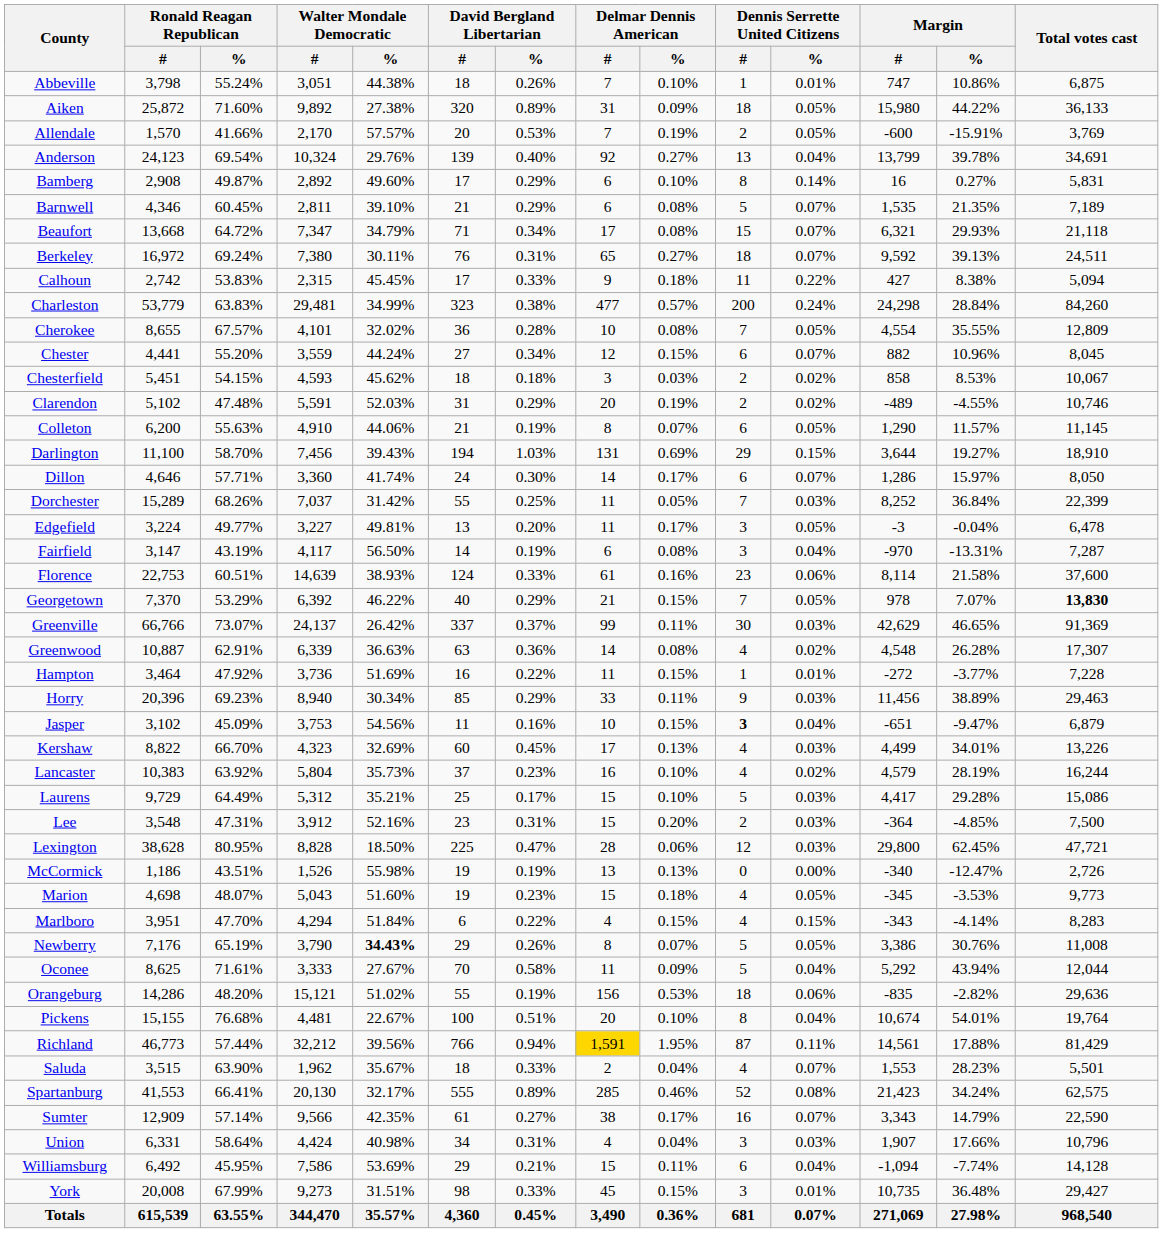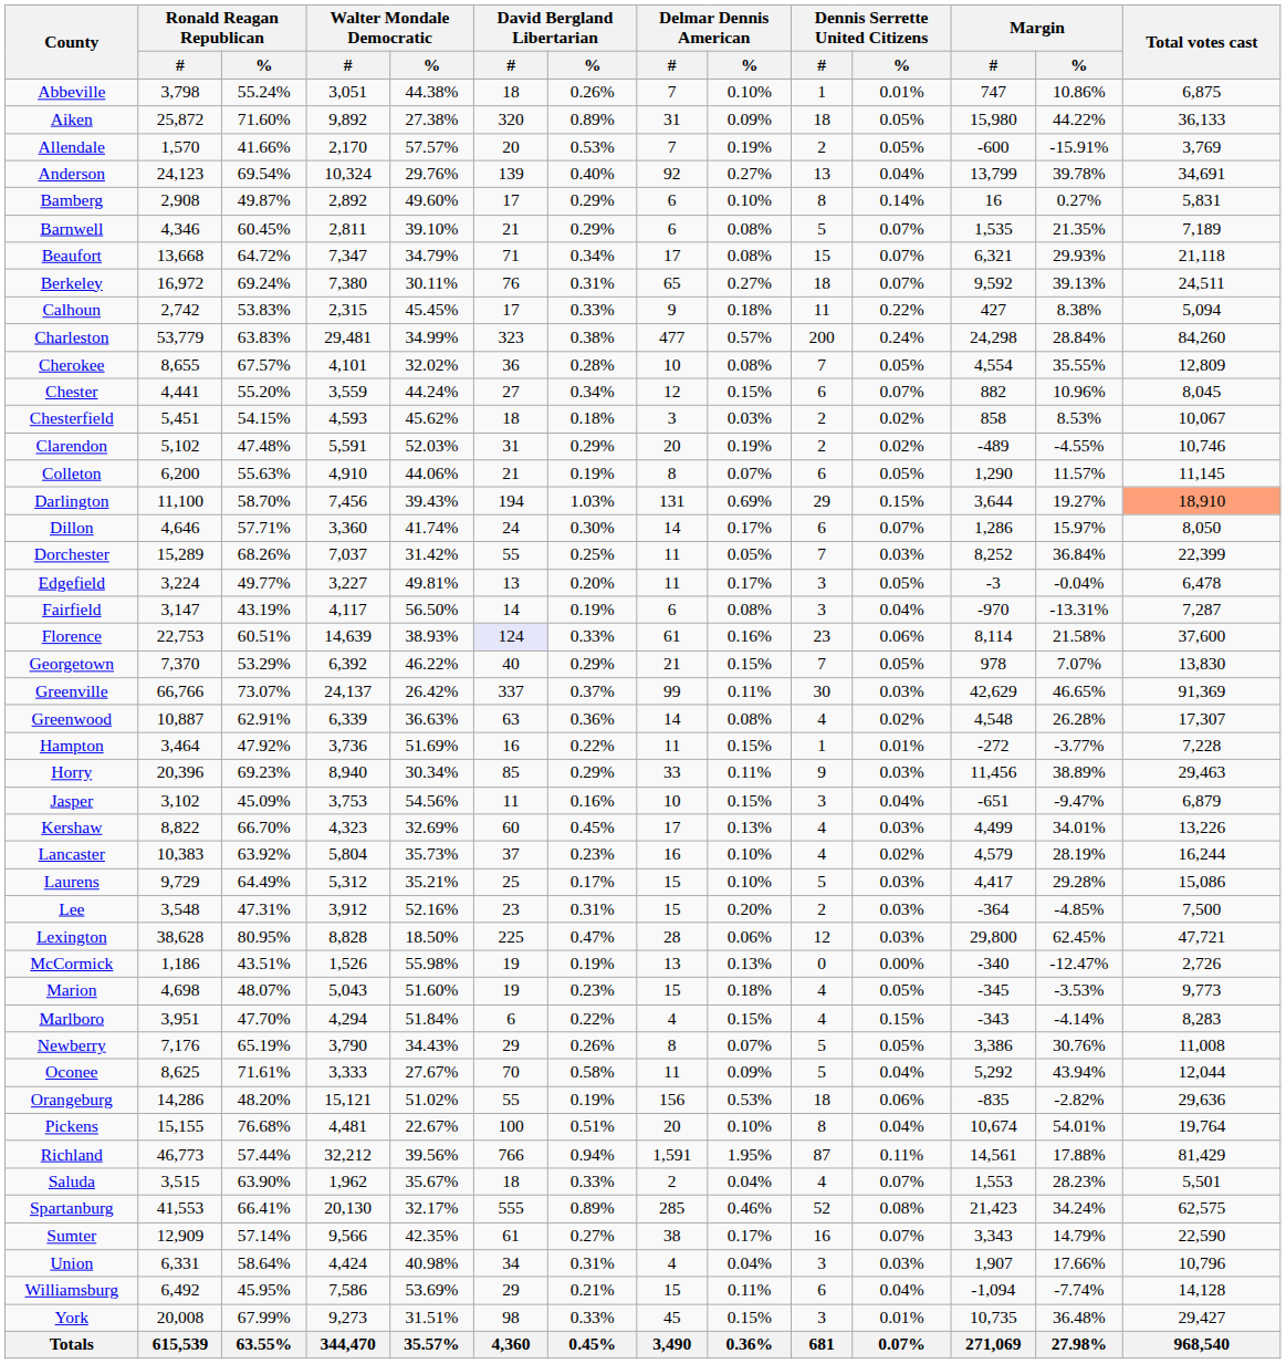 <table width="60%" class="wikitable sortable">
 <tr>
 <th rowspan="2">County</th>
 <th colspan="2">Ronald Reagan<br>Republican</th>
 <th colspan="2">Walter Mondale<br>Democratic</th>
 <th colspan="2">David Bergland<br>Libertarian</th>
 <th colspan="2">Delmar Dennis<br>American</th>
 <th colspan="2">Dennis Serrette<br>United Citizens</th>
 <th colspan="2">Margin</th>
 <th rowspan="2">Total votes cast</th>
 </tr>
 <tr>
 <th style="text-align:center;" data-sort-type="number">#</th>
 <th style="text-align:center;" data-sort-type="number">%</th>
 <th style="text-align:center;" data-sort-type="number">#</th>
 <th style="text-align:center;" data-sort-type="number">%</th>
 <th style="text-align:center;" data-sort-type="number">#</th>
 <th style="text-align:center;" data-sort-type="number">%</th>
 <th style="text-align:center;" data-sort-type="number">#</th>
 <th style="text-align:center;" data-sort-type="number">%</th>
 <th style="text-align:center;" data-sort-type="number">#</th>
 <th style="text-align:center;" data-sort-type="number">%</th>
 <th style="text-align:center;" data-sort-type="number">#</th>
 <th style="text-align:center;" data-sort-type="number">%</th>
 </tr>
 <tr style="text-align:center;">
 <td><a href='#'>Abbeville</a></td>
 <td>3,798</td>
 <td>55.24%</td>
 <td>3,051</td>
 <td>44.38%</td>
 <td>18</td>
 <td>0.26%</td>
 <td>7</td>
 <td>0.10%</td>
 <td>1</td>
 <td>0.01%</td>
 <td>747</td>
 <td>10.86%</td>
 <td>6,875</td>
 </tr>
 <tr style="text-align:center;">
 <td><a href='#'>Aiken</a></td>
 <td>25,872</td>
 <td>71.60%</td>
 <td>9,892</td>
 <td>27.38%</td>
 <td>320</td>
 <td>0.89%</td>
 <td>31</td>
 <td>0.09%</td>
 <td>18</td>
 <td>0.05%</td>
 <td>15,980</td>
 <td>44.22%</td>
 <td>36,133</td>
 </tr>
 <tr style="text-align:center;">
 <td><a href='#'>Allendale</a></td>
 <td>1,570</td>
 <td>41.66%</td>
 <td>2,170</td>
 <td>57.57%</td>
 <td>20</td>
 <td>0.53%</td>
 <td>7</td>
 <td>0.19%</td>
 <td>2</td>
 <td>0.05%</td>
 <td>-600</td>
 <td>-15.91%</td>
 <td>3,769</td>
 </tr>
 <tr style="text-align:center;">
 <td><a href='#'>Anderson</a></td>
 <td>24,123</td>
 <td>69.54%</td>
 <td>10,324</td>
 <td>29.76%</td>
 <td>139</td>
 <td>0.40%</td>
 <td>92</td>
 <td>0.27%</td>
 <td>13</td>
 <td>0.04%</td>
 <td>13,799</td>
 <td>39.78%</td>
 <td>34,691</td>
 </tr>
 <tr style="text-align:center;">
 <td><a href='#'>Bamberg</a></td>
 <td>2,908</td>
 <td>49.87%</td>
 <td>2,892</td>
 <td>49.60%</td>
 <td>17</td>
 <td>0.29%</td>
 <td>6</td>
 <td>0.10%</td>
 <td>8</td>
 <td>0.14%</td>
 <td>16</td>
 <td>0.27%</td>
 <td>5,831</td>
 </tr>
 <tr style="text-align:center;">
 <td><a href='#'>Barnwell</a></td>
 <td>4,346</td>
 <td>60.45%</td>
 <td>2,811</td>
 <td>39.10%</td>
 <td>21</td>
 <td>0.29%</td>
 <td>6</td>
 <td>0.08%</td>
 <td>5</td>
 <td>0.07%</td>
 <td>1,535</td>
 <td>21.35%</td>
 <td>7,189</td>
 </tr>
 <tr style="text-align:center;">
 <td><a href='#'>Beaufort</a></td>
 <td>13,668</td>
 <td>64.72%</td>
 <td>7,347</td>
 <td>34.79%</td>
 <td>71</td>
 <td>0.34%</td>
 <td>17</td>
 <td>0.08%</td>
 <td>15</td>
 <td>0.07%</td>
 <td>6,321</td>
 <td>29.93%</td>
 <td>21,118</td>
 </tr>
 <tr style="text-align:center;">
 <td><a href='#'>Berkeley</a></td>
 <td>16,972</td>
 <td>69.24%</td>
 <td>7,380</td>
 <td>30.11%</td>
 <td>76</td>
 <td>0.31%</td>
 <td>65</td>
 <td>0.27%</td>
 <td>18</td>
 <td>0.07%</td>
 <td>9,592</td>
 <td>39.13%</td>
 <td>24,511</td>
 </tr>
 <tr style="text-align:center;">
 <td><a href='#'>Calhoun</a></td>
 <td>2,742</td>
 <td>53.83%</td>
 <td>2,315</td>
 <td>45.45%</td>
 <td>17</td>
 <td>0.33%</td>
 <td>9</td>
 <td>0.18%</td>
 <td>11</td>
 <td>0.22%</td>
 <td>427</td>
 <td>8.38%</td>
 <td>5,094</td>
 </tr>
 <tr style="text-align:center;">
 <td><a href='#'>Charleston</a></td>
 <td>53,779</td>
 <td>63.83%</td>
 <td>29,481</td>
 <td>34.99%</td>
 <td>323</td>
 <td>0.38%</td>
 <td>477</td>
 <td>0.57%</td>
 <td>200</td>
 <td>0.24%</td>
 <td>24,298</td>
 <td>28.84%</td>
 <td>84,260</td>
 </tr>
 <tr style="text-align:center;">
 <td><a href='#'>Cherokee</a></td>
 <td>8,655</td>
 <td>67.57%</td>
 <td>4,101</td>
 <td>32.02%</td>
 <td>36</td>
 <td>0.28%</td>
 <td>10</td>
 <td>0.08%</td>
 <td>7</td>
 <td>0.05%</td>
 <td>4,554</td>
 <td>35.55%</td>
 <td>12,809</td>
 </tr>
 <tr style="text-align:center;">
 <td><a href='#'>Chester</a></td>
 <td>4,441</td>
 <td>55.20%</td>
 <td>3,559</td>
 <td>44.24%</td>
 <td>27</td>
 <td>0.34%</td>
 <td>12</td>
 <td>0.15%</td>
 <td>6</td>
 <td>0.07%</td>
 <td>882</td>
 <td>10.96%</td>
 <td>8,045</td>
 </tr>
 <tr style="text-align:center;">
 <td><a href='#'>Chesterfield</a></td>
 <td>5,451</td>
 <td>54.15%</td>
 <td>4,593</td>
 <td>45.62%</td>
 <td>18</td>
 <td>0.18%</td>
 <td>3</td>
 <td>0.03%</td>
 <td>2</td>
 <td>0.02%</td>
 <td>858</td>
 <td>8.53%</td>
 <td>10,067</td>
 </tr>
 <tr style="text-align:center;">
 <td><a href='#'>Clarendon</a></td>
 <td>5,102</td>
 <td>47.48%</td>
 <td>5,591</td>
 <td>52.03%</td>
 <td>31</td>
 <td>0.29%</td>
 <td>20</td>
 <td>0.19%</td>
 <td>2</td>
 <td>0.02%</td>
 <td>-489</td>
 <td>-4.55%</td>
 <td>10,746</td>
 </tr>
 <tr style="text-align:center;">
 <td><a href='#'>Colleton</a></td>
 <td>6,200</td>
 <td>55.63%</td>
 <td>4,910</td>
 <td>44.06%</td>
 <td>21</td>
 <td>0.19%</td>
 <td>8</td>
 <td>0.07%</td>
 <td>6</td>
 <td>0.05%</td>
 <td>1,290</td>
 <td>11.57%</td>
 <td>11,145</td>
 </tr>
 <tr style="text-align:center;">
 <td><a href='#'>Darlington</a></td>
 <td>11,100</td>
 <td>58.70%</td>
 <td>7,456</td>
 <td>39.43%</td>
 <td>194</td>
 <td>1.03%</td>
 <td>131</td>
 <td>0.69%</td>
 <td>29</td>
 <td>0.15%</td>
 <td>3,644</td>
 <td>19.27%</td>
-<td>18,910</td>
+<td style="background: lightsalmon;">18,910</td>
 </tr>
 <tr style="text-align:center;">
 <td><a href='#'>Dillon</a></td>
 <td>4,646</td>
 <td>57.71%</td>
 <td>3,360</td>
 <td>41.74%</td>
 <td>24</td>
 <td>0.30%</td>
 <td>14</td>
 <td>0.17%</td>
 <td>6</td>
 <td>0.07%</td>
 <td>1,286</td>
 <td>15.97%</td>
 <td>8,050</td>
 </tr>
 <tr style="text-align:center;">
 <td><a href='#'>Dorchester</a></td>
 <td>15,289</td>
 <td>68.26%</td>
 <td>7,037</td>
 <td>31.42%</td>
 <td>55</td>
 <td>0.25%</td>
 <td>11</td>
 <td>0.05%</td>
 <td>7</td>
 <td>0.03%</td>
 <td>8,252</td>
 <td>36.84%</td>
 <td>22,399</td>
 </tr>
 <tr style="text-align:center;">
 <td><a href='#'>Edgefield</a></td>
 <td>3,224</td>
 <td>49.77%</td>
 <td>3,227</td>
 <td>49.81%</td>
 <td>13</td>
 <td>0.20%</td>
 <td>11</td>
 <td>0.17%</td>
 <td>3</td>
 <td>0.05%</td>
 <td>-3</td>
 <td>-0.04%</td>
 <td>6,478</td>
 </tr>
 <tr style="text-align:center;">
 <td><a href='#'>Fairfield</a></td>
 <td>3,147</td>
 <td>43.19%</td>
 <td>4,117</td>
 <td>56.50%</td>
 <td>14</td>
 <td>0.19%</td>
 <td>6</td>
 <td>0.08%</td>
 <td>3</td>
 <td>0.04%</td>
 <td>-970</td>
 <td>-13.31%</td>
 <td>7,287</td>
 </tr>
 <tr style="text-align:center;">
 <td><a href='#'>Florence</a></td>
 <td>22,753</td>
 <td>60.51%</td>
 <td>14,639</td>
 <td>38.93%</td>
-<td>124</td>
+<td style="background: lavender;">124</td>
 <td>0.33%</td>
 <td>61</td>
 <td>0.16%</td>
 <td>23</td>
 <td>0.06%</td>
 <td>8,114</td>
 <td>21.58%</td>
 <td>37,600</td>
 </tr>
 <tr style="text-align:center;">
 <td><a href='#'>Georgetown</a></td>
 <td>7,370</td>
 <td>53.29%</td>
 <td>6,392</td>
 <td>46.22%</td>
 <td>40</td>
 <td>0.29%</td>
 <td>21</td>
 <td>0.15%</td>
 <td>7</td>
 <td>0.05%</td>
 <td>978</td>
 <td>7.07%</td>
-<td><strong>13,830</strong></td>
+<td>13,830</td>
 </tr>
 <tr style="text-align:center;">
 <td><a href='#'>Greenville</a></td>
 <td>66,766</td>
 <td>73.07%</td>
 <td>24,137</td>
 <td>26.42%</td>
 <td>337</td>
 <td>0.37%</td>
 <td>99</td>
 <td>0.11%</td>
 <td>30</td>
 <td>0.03%</td>
 <td>42,629</td>
 <td>46.65%</td>
 <td>91,369</td>
 </tr>
 <tr style="text-align:center;">
 <td><a href='#'>Greenwood</a></td>
 <td>10,887</td>
 <td>62.91%</td>
 <td>6,339</td>
 <td>36.63%</td>
 <td>63</td>
 <td>0.36%</td>
 <td>14</td>
 <td>0.08%</td>
 <td>4</td>
 <td>0.02%</td>
 <td>4,548</td>
 <td>26.28%</td>
 <td>17,307</td>
 </tr>
 <tr style="text-align:center;">
 <td><a href='#'>Hampton</a></td>
 <td>3,464</td>
 <td>47.92%</td>
 <td>3,736</td>
 <td>51.69%</td>
 <td>16</td>
 <td>0.22%</td>
 <td>11</td>
 <td>0.15%</td>
 <td>1</td>
 <td>0.01%</td>
 <td>-272</td>
 <td>-3.77%</td>
 <td>7,228</td>
 </tr>
 <tr style="text-align:center;">
 <td><a href='#'>Horry</a></td>
 <td>20,396</td>
 <td>69.23%</td>
 <td>8,940</td>
 <td>30.34%</td>
 <td>85</td>
 <td>0.29%</td>
 <td>33</td>
 <td>0.11%</td>
 <td>9</td>
 <td>0.03%</td>
 <td>11,456</td>
 <td>38.89%</td>
 <td>29,463</td>
 </tr>
 <tr style="text-align:center;">
 <td><a href='#'>Jasper</a></td>
 <td>3,102</td>
 <td>45.09%</td>
 <td>3,753</td>
 <td>54.56%</td>
 <td>11</td>
 <td>0.16%</td>
 <td>10</td>
 <td>0.15%</td>
-<td><strong>3</strong></td>
+<td>3</td>
 <td>0.04%</td>
 <td>-651</td>
 <td>-9.47%</td>
 <td>6,879</td>
 </tr>
 <tr style="text-align:center;">
 <td><a href='#'>Kershaw</a></td>
 <td>8,822</td>
 <td>66.70%</td>
 <td>4,323</td>
 <td>32.69%</td>
 <td>60</td>
 <td>0.45%</td>
 <td>17</td>
 <td>0.13%</td>
 <td>4</td>
 <td>0.03%</td>
 <td>4,499</td>
 <td>34.01%</td>
 <td>13,226</td>
 </tr>
 <tr style="text-align:center;">
 <td><a href='#'>Lancaster</a></td>
 <td>10,383</td>
 <td>63.92%</td>
 <td>5,804</td>
 <td>35.73%</td>
 <td>37</td>
 <td>0.23%</td>
 <td>16</td>
 <td>0.10%</td>
 <td>4</td>
 <td>0.02%</td>
 <td>4,579</td>
 <td>28.19%</td>
 <td>16,244</td>
 </tr>
 <tr style="text-align:center;">
 <td><a href='#'>Laurens</a></td>
 <td>9,729</td>
 <td>64.49%</td>
 <td>5,312</td>
 <td>35.21%</td>
 <td>25</td>
 <td>0.17%</td>
 <td>15</td>
 <td>0.10%</td>
 <td>5</td>
 <td>0.03%</td>
 <td>4,417</td>
 <td>29.28%</td>
 <td>15,086</td>
 </tr>
 <tr style="text-align:center;">
 <td><a href='#'>Lee</a></td>
 <td>3,548</td>
 <td>47.31%</td>
 <td>3,912</td>
 <td>52.16%</td>
 <td>23</td>
 <td>0.31%</td>
 <td>15</td>
 <td>0.20%</td>
 <td>2</td>
 <td>0.03%</td>
 <td>-364</td>
 <td>-4.85%</td>
 <td>7,500</td>
 </tr>
 <tr style="text-align:center;">
 <td><a href='#'>Lexington</a></td>
 <td>38,628</td>
 <td>80.95%</td>
 <td>8,828</td>
 <td>18.50%</td>
 <td>225</td>
 <td>0.47%</td>
 <td>28</td>
 <td>0.06%</td>
 <td>12</td>
 <td>0.03%</td>
 <td>29,800</td>
 <td>62.45%</td>
 <td>47,721</td>
 </tr>
 <tr style="text-align:center;">
 <td><a href='#'>McCormick</a></td>
 <td>1,186</td>
 <td>43.51%</td>
 <td>1,526</td>
 <td>55.98%</td>
 <td>19</td>
 <td>0.19%</td>
 <td>13</td>
 <td>0.13%</td>
 <td>0</td>
 <td>0.00%</td>
 <td>-340</td>
 <td>-12.47%</td>
 <td>2,726</td>
 </tr>
 <tr style="text-align:center;">
 <td><a href='#'>Marion</a></td>
 <td>4,698</td>
 <td>48.07%</td>
 <td>5,043</td>
 <td>51.60%</td>
 <td>19</td>
 <td>0.23%</td>
 <td>15</td>
 <td>0.18%</td>
 <td>4</td>
 <td>0.05%</td>
 <td>-345</td>
 <td>-3.53%</td>
 <td>9,773</td>
 </tr>
 <tr style="text-align:center;">
 <td><a href='#'>Marlboro</a></td>
 <td>3,951</td>
 <td>47.70%</td>
 <td>4,294</td>
 <td>51.84%</td>
 <td>6</td>
 <td>0.22%</td>
 <td>4</td>
 <td>0.15%</td>
 <td>4</td>
 <td>0.15%</td>
 <td>-343</td>
 <td>-4.14%</td>
 <td>8,283</td>
 </tr>
 <tr style="text-align:center;">
 <td><a href='#'>Newberry</a></td>
 <td>7,176</td>
 <td>65.19%</td>
 <td>3,790</td>
-<td><strong>34.43%</strong></td>
+<td>34.43%</td>
 <td>29</td>
 <td>0.26%</td>
 <td>8</td>
 <td>0.07%</td>
 <td>5</td>
 <td>0.05%</td>
 <td>3,386</td>
 <td>30.76%</td>
 <td>11,008</td>
 </tr>
 <tr style="text-align:center;">
 <td><a href='#'>Oconee</a></td>
 <td>8,625</td>
 <td>71.61%</td>
 <td>3,333</td>
 <td>27.67%</td>
 <td>70</td>
 <td>0.58%</td>
 <td>11</td>
 <td>0.09%</td>
 <td>5</td>
 <td>0.04%</td>
 <td>5,292</td>
 <td>43.94%</td>
 <td>12,044</td>
 </tr>
 <tr style="text-align:center;">
 <td><a href='#'>Orangeburg</a></td>
 <td>14,286</td>
 <td>48.20%</td>
 <td>15,121</td>
 <td>51.02%</td>
 <td>55</td>
 <td>0.19%</td>
 <td>156</td>
 <td>0.53%</td>
 <td>18</td>
 <td>0.06%</td>
 <td>-835</td>
 <td>-2.82%</td>
 <td>29,636</td>
 </tr>
 <tr style="text-align:center;">
 <td><a href='#'>Pickens</a></td>
 <td>15,155</td>
 <td>76.68%</td>
 <td>4,481</td>
 <td>22.67%</td>
 <td>100</td>
 <td>0.51%</td>
 <td>20</td>
 <td>0.10%</td>
 <td>8</td>
 <td>0.04%</td>
 <td>10,674</td>
 <td>54.01%</td>
 <td>19,764</td>
 </tr>
 <tr style="text-align:center;">
 <td><a href='#'>Richland</a></td>
 <td>46,773</td>
 <td>57.44%</td>
 <td>32,212</td>
 <td>39.56%</td>
 <td>766</td>
 <td>0.94%</td>
-<td style="background: gold;">1,591</td>
+<td>1,591</td>
 <td>1.95%</td>
 <td>87</td>
 <td>0.11%</td>
 <td>14,561</td>
 <td>17.88%</td>
 <td>81,429</td>
 </tr>
 <tr style="text-align:center;">
 <td><a href='#'>Saluda</a></td>
 <td>3,515</td>
 <td>63.90%</td>
 <td>1,962</td>
 <td>35.67%</td>
 <td>18</td>
 <td>0.33%</td>
 <td>2</td>
 <td>0.04%</td>
 <td>4</td>
 <td>0.07%</td>
 <td>1,553</td>
 <td>28.23%</td>
 <td>5,501</td>
 </tr>
 <tr style="text-align:center;">
 <td><a href='#'>Spartanburg</a></td>
 <td>41,553</td>
 <td>66.41%</td>
 <td>20,130</td>
 <td>32.17%</td>
 <td>555</td>
 <td>0.89%</td>
 <td>285</td>
 <td>0.46%</td>
 <td>52</td>
 <td>0.08%</td>
 <td>21,423</td>
 <td>34.24%</td>
 <td>62,575</td>
 </tr>
 <tr style="text-align:center;">
 <td><a href='#'>Sumter</a></td>
 <td>12,909</td>
 <td>57.14%</td>
 <td>9,566</td>
 <td>42.35%</td>
 <td>61</td>
 <td>0.27%</td>
 <td>38</td>
 <td>0.17%</td>
 <td>16</td>
 <td>0.07%</td>
 <td>3,343</td>
 <td>14.79%</td>
 <td>22,590</td>
 </tr>
 <tr style="text-align:center;">
 <td><a href='#'>Union</a></td>
 <td>6,331</td>
 <td>58.64%</td>
 <td>4,424</td>
 <td>40.98%</td>
 <td>34</td>
 <td>0.31%</td>
 <td>4</td>
 <td>0.04%</td>
 <td>3</td>
 <td>0.03%</td>
 <td>1,907</td>
 <td>17.66%</td>
 <td>10,796</td>
 </tr>
 <tr style="text-align:center;">
 <td><a href='#'>Williamsburg</a></td>
 <td>6,492</td>
 <td>45.95%</td>
 <td>7,586</td>
 <td>53.69%</td>
 <td>29</td>
 <td>0.21%</td>
 <td>15</td>
 <td>0.11%</td>
 <td>6</td>
 <td>0.04%</td>
 <td>-1,094</td>
 <td>-7.74%</td>
 <td>14,128</td>
 </tr>
 <tr style="text-align:center;">
 <td><a href='#'>York</a></td>
 <td>20,008</td>
 <td>67.99%</td>
 <td>9,273</td>
 <td>31.51%</td>
 <td>98</td>
 <td>0.33%</td>
 <td>45</td>
 <td>0.15%</td>
 <td>3</td>
 <td>0.01%</td>
 <td>10,735</td>
 <td>36.48%</td>
 <td>29,427</td>
 </tr>
 <tr style="text-align:center;">
 <th>Totals</th>
 <th>615,539</th>
 <th>63.55%</th>
 <th>344,470</th>
 <th>35.57%</th>
 <th>4,360</th>
 <th>0.45%</th>
 <th>3,490</th>
 <th>0.36%</th>
 <th>681</th>
 <th>0.07%</th>
 <th>271,069</th>
 <th>27.98%</th>
 <th>968,540</th>
 </tr>
 </table>
